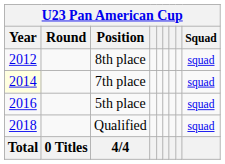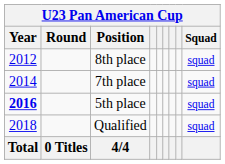 <table class="wikitable" style="text-align: center;">
 <tr>
 <th colspan=9><a href='#'>U23 Pan American Cup</a></th>
 </tr>
 <tr>
 <th>Year</th>
 <th>Round</th>
 <th>Position</th>
 <th></th>
 <th></th>
 <th></th>
 <th></th>
 <th></th>
 <th><small>Squad</small></th>
 </tr>
 <tr>
 <td> <a href='#'>2012</a></td>
 <td></td>
 <td>8th place</td>
 <td></td>
 <td></td>
 <td></td>
 <td></td>
 <td></td>
 <td><small><a href='#'>squad</a></small></td>
 </tr>
 <tr>
-<td style="background: lightyellow;"> <a href='#'>2014</a></td>
+<td> <a href='#'>2014</a></td>
 <td></td>
 <td>7th place</td>
 <td></td>
 <td></td>
 <td></td>
 <td></td>
 <td></td>
 <td><small><a href='#'>squad</a></small></td>
 </tr>
 <tr>
-<td> <a href='#'>2016</a></td>
+<td><strong> <a href='#'>2016</a></strong></td>
 <td></td>
 <td>5th place</td>
 <td></td>
 <td></td>
 <td></td>
 <td></td>
 <td></td>
 <td><small><a href='#'>squad</a></small></td>
 </tr>
 <tr>
 <td> <a href='#'>2018</a></td>
 <td></td>
 <td>Qualified</td>
 <td></td>
 <td></td>
 <td></td>
 <td></td>
 <td></td>
 <td><small><a href='#'>squad</a></small></td>
 </tr>
 <tr>
 <th>Total</th>
 <th>0 Titles</th>
 <th>4/4</th>
 <th></th>
 <th></th>
 <th></th>
 <th></th>
 <th></th>
 <th></th>
 </tr>
 </table>
